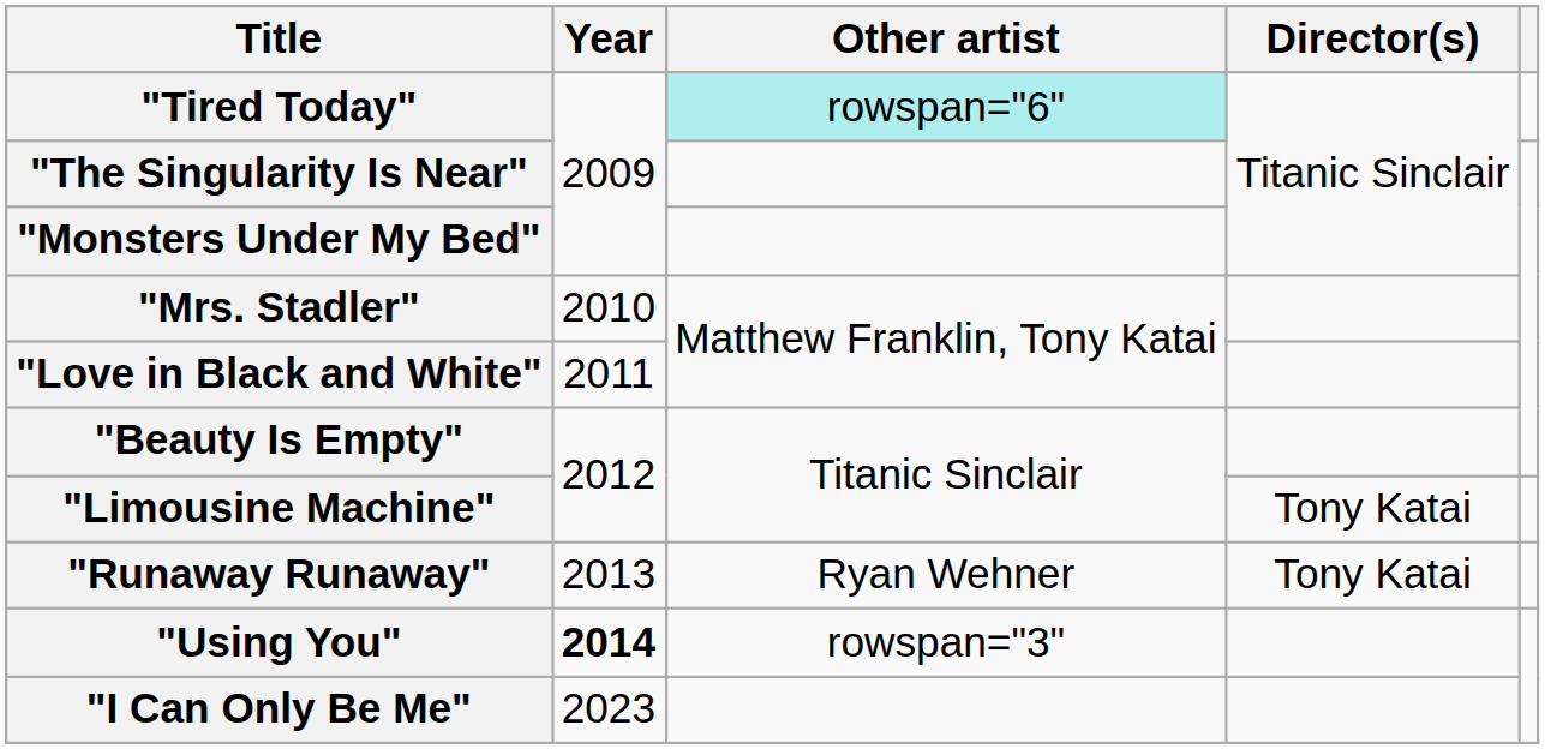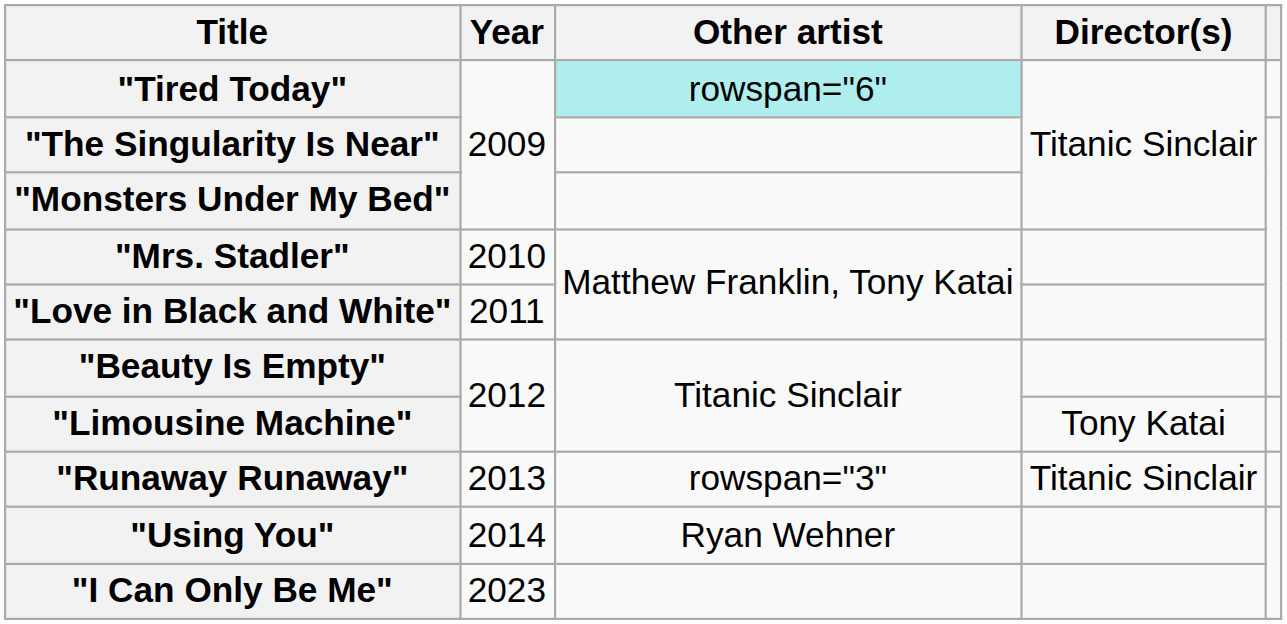 <table class="wikitable plainrowheaders" style="text-align:center;">
 <tr>
 <th scope="col">Title</th>
 <th scope="col">Year</th>
 <th scope="col">Other artist</th>
 <th scope="col">Director(s)</th>
 <th scope="col"></th>
 </tr>
 <tr>
 <th scope="row">"Tired Today"</th>
 <td rowspan="3">2009</td>
 <td style="background: paleturquoise;">rowspan="6" </td>
 <td rowspan="3">Titanic Sinclair</td>
 <td></td>
 </tr>
 <tr>
 <th scope="row">"The Singularity Is Near"</th>
 <td></td>
 </tr>
 <tr>
 <th scope="row">"Monsters Under My Bed"</th>
 <td></td>
 </tr>
 <tr>
 <th scope="row">"Mrs. Stadler"</th>
 <td>2010</td>
 <td rowspan="2">Matthew Franklin, Tony Katai</td>
 <td></td>
 </tr>
 <tr>
 <th scope="row">"Love in Black and White"</th>
 <td>2011</td>
 <td></td>
 </tr>
 <tr>
 <th scope="row">"Beauty Is Empty"</th>
 <td rowspan="2">2012</td>
 <td rowspan="2">Titanic Sinclair</td>
 <td></td>
 </tr>
 <tr>
 <th scope="row">"Limousine Machine"</th>
 <td>Tony Katai</td>
 <td></td>
 </tr>
 <tr>
 <th scope="row">"Runaway Runaway"</th>
 <td>2013</td>
-<td>Ryan Wehner</td>
-<td>Tony Katai</td>
+<td>rowspan="3" </td>
+<td>Titanic Sinclair</td>
 <td></td>
 </tr>
 <tr>
 <th scope="row">"Using You"</th>
-<td><strong>2014</strong></td>
-<td>rowspan="3" </td>
+<td>2014</td>
+<td>Ryan Wehner</td>
 <td></td>
 </tr>
 <tr>
 <th scope="row">"I Can Only Be Me"</th>
 <td>2023</td>
 <td></td>
 <td></td>
 </tr>
 </table>
